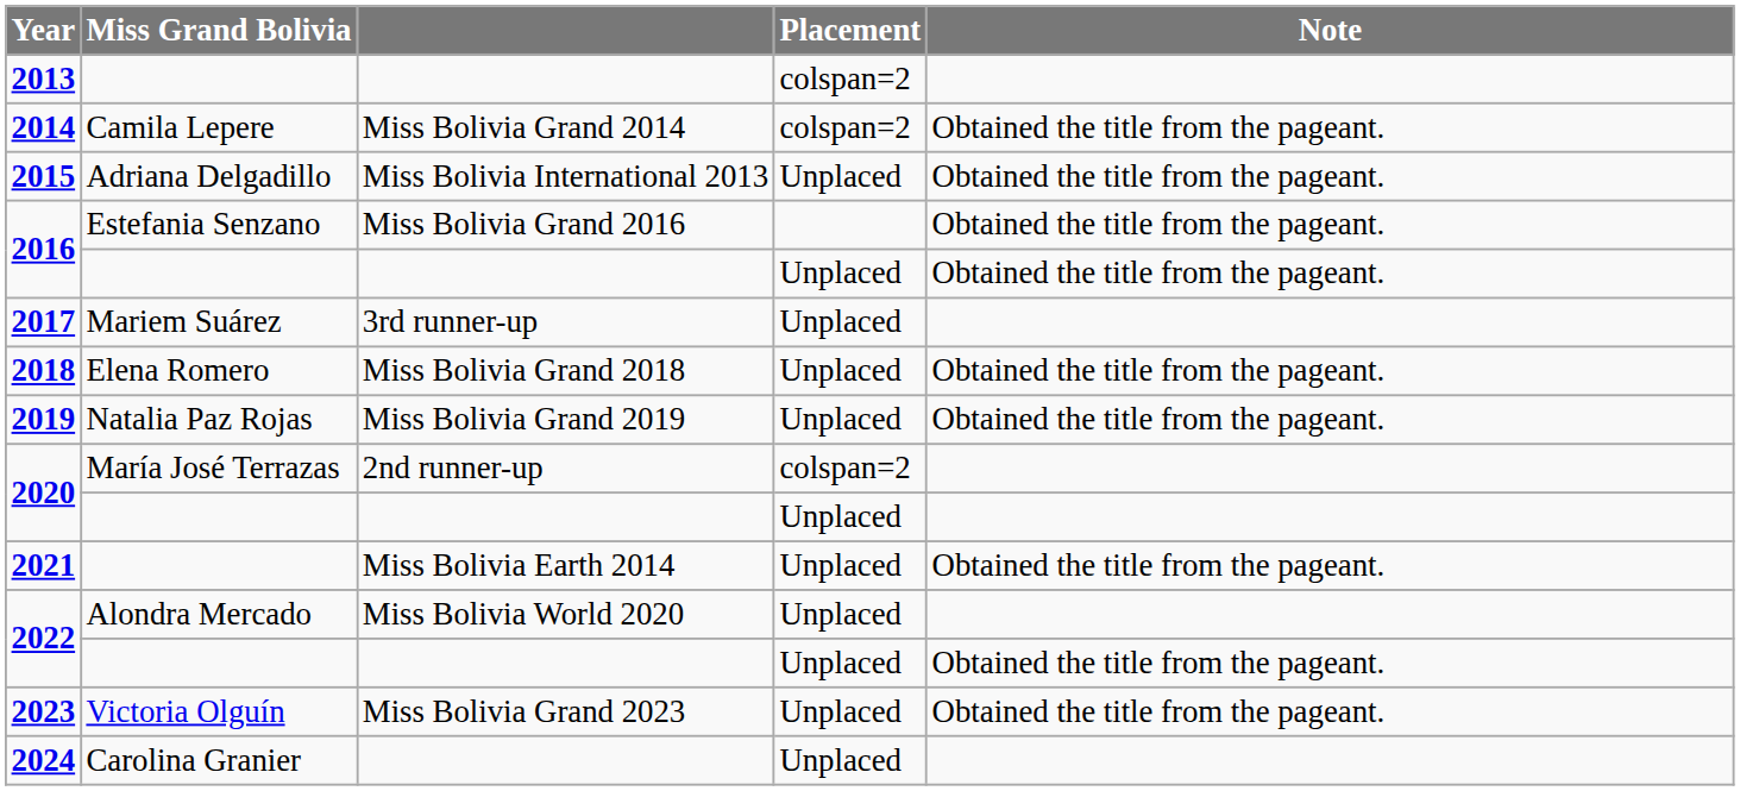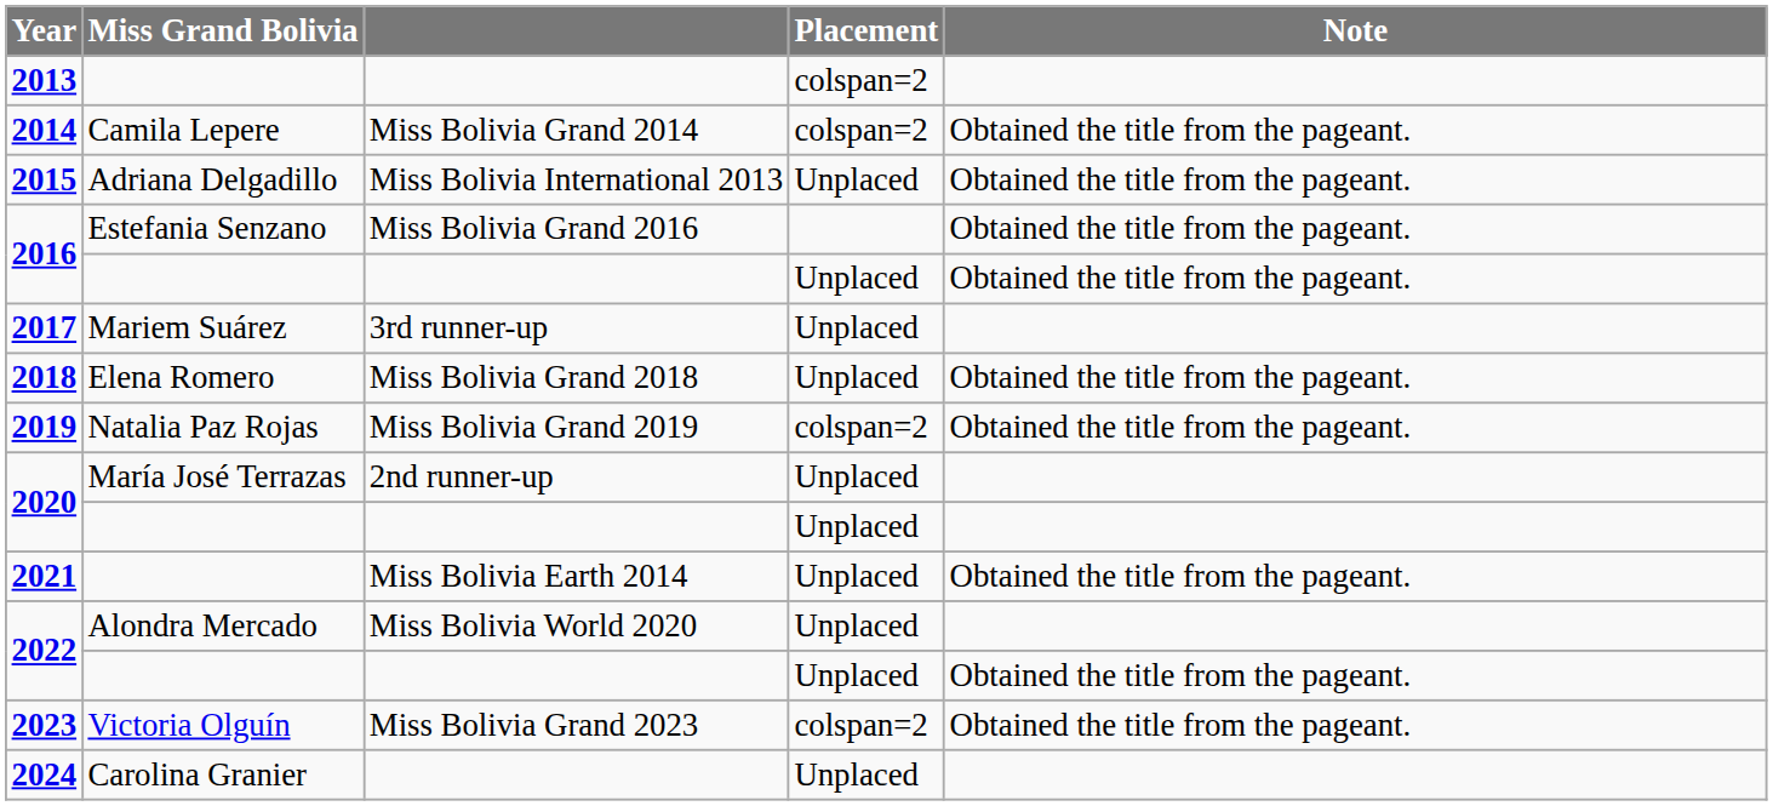 <table class="sortable" border="5" cellpadding="2" cellspacing="0" align=" 0 1em 0 0" style="background: #f9f9f9; border: 1px #aaa solid; border-collapse: collapse; font-size: 90%">
 <tr>
 <th style="background-color:#787878;color:#FFFFFF;">Year</th>
 <th style="background-color:#787878;color:#FFFFFF;">Miss Grand Bolivia</th>
 <th style="background-color:#787878;color:#FFFFFF;"></th>
 <th style="background-color:#787878;color:#FFFFFF;">Placement</th>
 <th width=360px style="background-color:#787878;color:#FFFFFF;">Note</th>
 </tr>
 <tr>
 <th><a href='#'>2013</a></th>
 <td></td>
 <td></td>
 <td>colspan=2 </td>
 <td></td>
 </tr>
 <tr>
 <th><a href='#'>2014</a></th>
 <td>Camila Lepere</td>
 <td>Miss Bolivia Grand 2014</td>
 <td>colspan=2 </td>
 <td>Obtained the title from the  pageant.</td>
 </tr>
 <tr>
 <th><a href='#'>2015</a></th>
 <td>Adriana Delgadillo</td>
 <td>Miss Bolivia International 2013</td>
 <td>Unplaced</td>
 <td>Obtained the title from the  pageant.</td>
 </tr>
 <tr>
 <th rowspan=2><a href='#'>2016</a></th>
 <td>Estefania Senzano</td>
 <td>Miss Bolivia Grand 2016</td>
 <td></td>
 <td>Obtained the title from the  pageant.</td>
 </tr>
 <tr>
 <td></td>
 <td></td>
 <td>Unplaced</td>
 <td>Obtained the title from the  pageant.</td>
 </tr>
 <tr>
 <th><a href='#'>2017</a></th>
 <td>Mariem Suárez</td>
 <td>3rd runner-up </td>
 <td>Unplaced</td>
 <td></td>
 </tr>
 <tr>
 <th><a href='#'>2018</a></th>
 <td>Elena Romero</td>
 <td>Miss Bolivia Grand 2018</td>
 <td>Unplaced</td>
 <td>Obtained the title from the  pageant.</td>
 </tr>
 <tr>
 <th><a href='#'>2019</a></th>
 <td>Natalia Paz Rojas</td>
 <td>Miss Bolivia Grand 2019</td>
-<td>Unplaced</td>
+<td>colspan=2 </td>
 <td>Obtained the title from the  pageant.</td>
 </tr>
 <tr>
 <th rowspan=2><a href='#'>2020</a></th>
 <td>María José Terrazas</td>
 <td>2nd runner-up </td>
-<td>colspan=2 </td>
+<td>Unplaced</td>
 </tr>
 <tr>
 <td></td>
 <td></td>
 <td>Unplaced</td>
 <td></td>
 </tr>
 <tr>
 <th><a href='#'>2021</a></th>
 <td></td>
 <td>Miss Bolivia Earth 2014</td>
 <td>Unplaced</td>
 <td>Obtained the title from the  pageant.</td>
 </tr>
 <tr>
 <th rowspan=2><a href='#'>2022</a></th>
 <td>Alondra Mercado</td>
 <td>Miss Bolivia World 2020</td>
 <td>Unplaced</td>
 </tr>
 <tr>
 <td></td>
 <td></td>
 <td>Unplaced</td>
 <td>Obtained the title from the  pageant.</td>
 </tr>
 <tr>
 <th><a href='#'>2023</a></th>
 <td><a href='#'>Victoria Olguín</a></td>
 <td>Miss Bolivia Grand 2023</td>
-<td>Unplaced</td>
+<td>colspan=2 </td>
 <td>Obtained the title from the  pageant.</td>
 </tr>
 <tr>
 <th><a href='#'>2024</a></th>
 <td>Carolina Granier</td>
 <td></td>
 <td>Unplaced</td>
 <td></td>
 </tr>
 </table>
